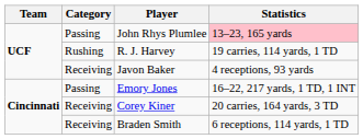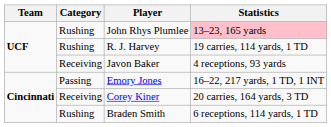 <table class="wikitable" style="float: right;">
 <tr>
 <th>Team</th>
 <th>Category</th>
 <th>Player</th>
 <th>Statistics</th>
 </tr>
 <tr>
 <td rowspan=3><strong>UCF</strong></td>
-<td>Passing</td>
+<td>Rushing</td>
 <td>John Rhys Plumlee</td>
 <td style="background: pink;">13–23, 165 yards</td>
 </tr>
 <tr>
 <td>Rushing</td>
 <td>R. J. Harvey</td>
 <td>19 carries, 114 yards, 1 TD</td>
 </tr>
 <tr>
 <td>Receiving</td>
 <td>Javon Baker</td>
 <td>4 receptions, 93 yards</td>
 </tr>
 <tr>
 <td rowspan=3><strong>Cincinnati</strong></td>
 <td>Passing</td>
 <td><a href='#'>Emory Jones</a></td>
 <td>16–22, 217 yards, 1 TD, 1 INT</td>
 </tr>
 <tr>
 <td>Receiving</td>
 <td><a href='#'>Corey Kiner</a></td>
 <td>20 carries, 164 yards, 3 TD</td>
 </tr>
 <tr>
-<td>Receiving</td>
+<td>Rushing</td>
 <td>Braden Smith</td>
 <td>6 receptions, 114 yards, 1 TD</td>
 </tr>
 </table>
